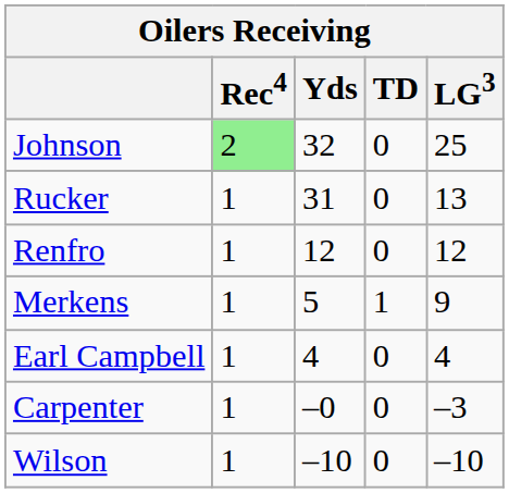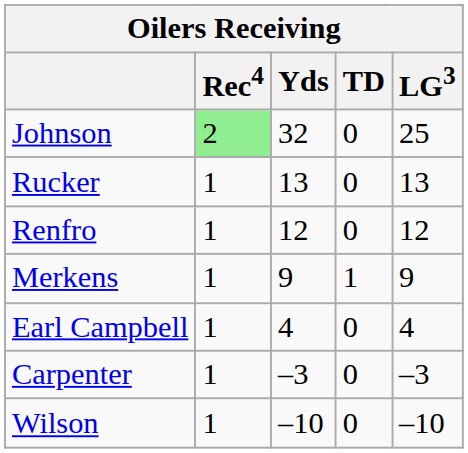 <table class="wikitable">
 <tr>
 <th colspan="5">Oilers Receiving</th>
 </tr>
 <tr>
 <th></th>
 <th>Rec<sup>4</sup></th>
 <th>Yds</th>
 <th>TD</th>
 <th>LG<sup>3</sup></th>
 </tr>
 <tr>
 <td><a href='#'>Johnson</a></td>
 <td style="background: lightgreen;">2</td>
 <td>32</td>
 <td>0</td>
 <td>25</td>
 </tr>
 <tr>
 <td><a href='#'>Rucker</a></td>
 <td>1</td>
-<td>31</td>
+<td>13</td>
 <td>0</td>
 <td>13</td>
 </tr>
 <tr>
 <td><a href='#'>Renfro</a></td>
 <td>1</td>
 <td>12</td>
 <td>0</td>
 <td>12</td>
 </tr>
 <tr>
 <td><a href='#'>Merkens</a></td>
 <td>1</td>
-<td>5</td>
+<td>9</td>
 <td>1</td>
 <td>9</td>
 </tr>
 <tr>
 <td><a href='#'>Earl Campbell</a></td>
 <td>1</td>
 <td>4</td>
 <td>0</td>
 <td>4</td>
 </tr>
 <tr>
 <td><a href='#'>Carpenter</a></td>
 <td>1</td>
-<td>–0</td>
+<td>–3</td>
 <td>0</td>
 <td>–3</td>
 </tr>
 <tr>
 <td><a href='#'>Wilson</a></td>
 <td>1</td>
 <td>–10</td>
 <td>0</td>
 <td>–10</td>
 </tr>
 </table>
